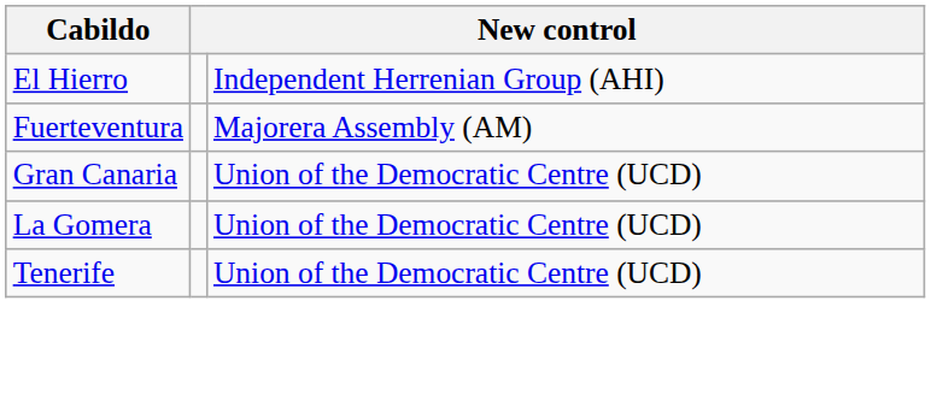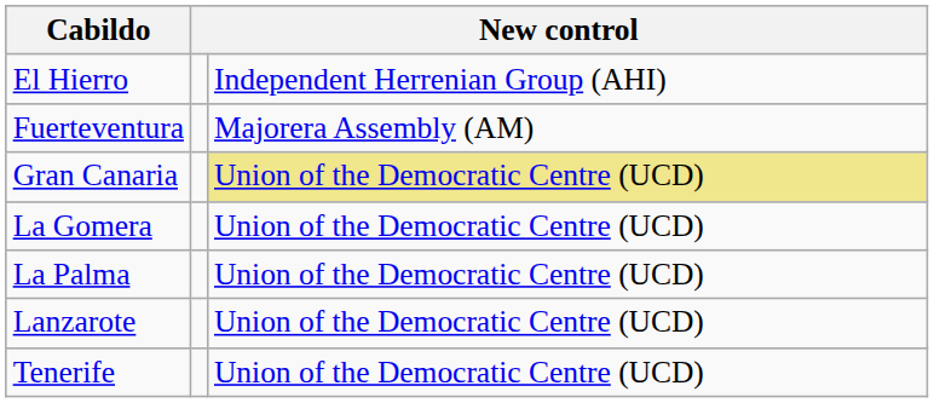 <table class="wikitable sortable">
 <tr>
 <th>Cabildo</th>
 <th colspan="2" style="width:375px;">New control</th>
 </tr>
 <tr>
 <td><a href='#'>El Hierro</a></td>
 <td width="1" style="color:inherit;background:"></td>
 <td><a href='#'>Independent Herrenian Group</a> (AHI)</td>
 </tr>
 <tr>
 <td><a href='#'>Fuerteventura</a></td>
 <td style="color:inherit;background:"></td>
 <td><a href='#'>Majorera Assembly</a> (AM)</td>
 </tr>
 <tr>
 <td><a href='#'>Gran Canaria</a></td>
 <td style="color:inherit;background:"></td>
-<td><a href='#'>Union of the Democratic Centre</a> (UCD)</td>
+<td style="background: khaki;"><a href='#'>Union of the Democratic Centre</a> (UCD)</td>
 </tr>
 <tr>
 <td><a href='#'>La Gomera</a></td>
 <td style="color:inherit;background:"></td>
 <td><a href='#'>Union of the Democratic Centre</a> (UCD) </td>
 </tr>
 <tr>
+<td><a href='#'>La Palma</a></td>
+<td style="color:inherit;background:"></td>
+<td><a href='#'>Union of the Democratic Centre</a> (UCD) </td>
+</tr>
+<tr>
+<td><a href='#'>Lanzarote</a></td>
+<td style="color:inherit;background:"></td>
+<td><a href='#'>Union of the Democratic Centre</a> (UCD)</td>
+</tr>
+<tr>
 <td><a href='#'>Tenerife</a></td>
 <td style="color:inherit;background:"></td>
 <td><a href='#'>Union of the Democratic Centre</a> (UCD) </td>
 </tr>
 </table>
